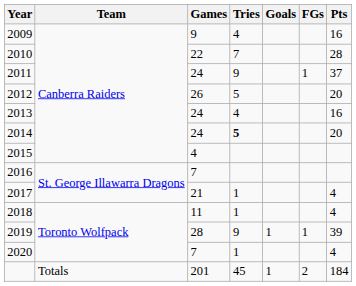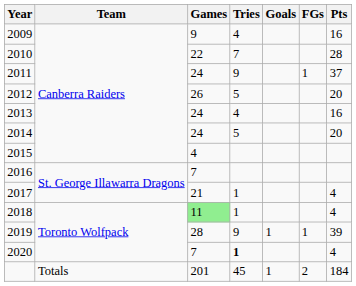 <table class="wikitable">
 <tr>
 <th>Year</th>
 <th>Team</th>
 <th>Games</th>
 <th>Tries</th>
 <th>Goals</th>
 <th>FGs</th>
 <th>Pts</th>
 </tr>
 <tr>
 <td>2009</td>
 <td rowspan="7"> <a href='#'>Canberra Raiders</a></td>
 <td>9</td>
 <td>4</td>
 <td></td>
 <td></td>
 <td>16</td>
 </tr>
 <tr>
 <td>2010</td>
 <td>22</td>
 <td>7</td>
 <td></td>
 <td></td>
 <td>28</td>
 </tr>
 <tr>
 <td>2011</td>
 <td>24</td>
 <td>9</td>
 <td></td>
 <td>1</td>
 <td>37</td>
 </tr>
 <tr>
 <td>2012</td>
 <td>26</td>
 <td>5</td>
 <td></td>
 <td></td>
 <td>20</td>
 </tr>
 <tr>
 <td>2013</td>
 <td>24</td>
 <td>4</td>
 <td></td>
 <td></td>
 <td>16</td>
 </tr>
 <tr>
 <td>2014</td>
 <td>24</td>
-<td><strong>5</strong></td>
+<td>5</td>
 <td></td>
 <td></td>
 <td>20</td>
 </tr>
 <tr>
 <td>2015</td>
 <td>4</td>
 <td></td>
 <td></td>
 <td></td>
 <td></td>
 </tr>
 <tr>
 <td>2016</td>
 <td rowspan="2"> <a href='#'>St. George Illawarra Dragons</a></td>
 <td>7</td>
 <td></td>
 <td></td>
 <td></td>
 <td></td>
 </tr>
 <tr>
 <td>2017</td>
 <td>21</td>
 <td>1</td>
 <td></td>
 <td></td>
 <td>4</td>
 </tr>
 <tr>
 <td>2018</td>
 <td rowspan="3"> <a href='#'>Toronto Wolfpack</a></td>
-<td>11</td>
+<td style="background: lightgreen;">11</td>
 <td>1</td>
 <td></td>
 <td></td>
 <td>4</td>
 </tr>
 <tr>
 <td>2019</td>
 <td>28</td>
 <td>9</td>
 <td>1</td>
 <td>1</td>
 <td>39</td>
 </tr>
 <tr>
 <td>2020</td>
 <td>7</td>
-<td>1</td>
+<td><strong>1</strong></td>
 <td></td>
 <td></td>
 <td>4</td>
 </tr>
 <tr>
 <td></td>
 <td>Totals</td>
 <td>201</td>
 <td>45</td>
 <td>1</td>
 <td>2</td>
 <td>184</td>
 </tr>
 </table>
